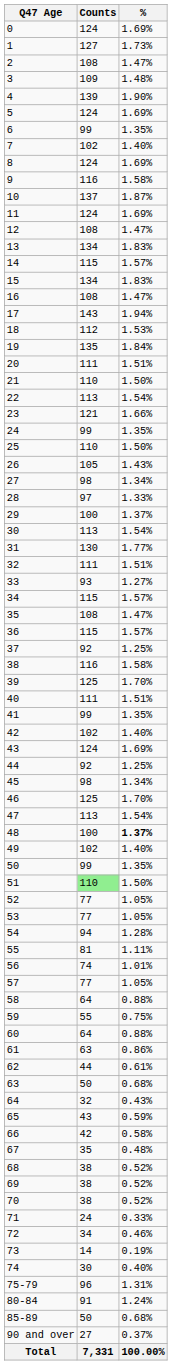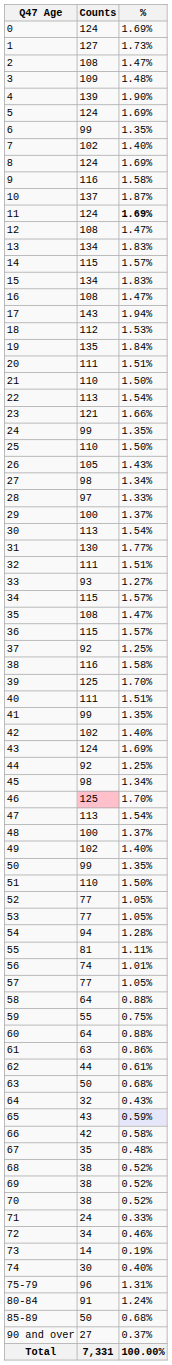 <table class="wikitable sortable">
 <tr>
 <th>Q47 Age</th>
 <th>Counts</th>
 <th>%</th>
 </tr>
 <tr>
 <td>0</td>
 <td>124</td>
 <td>1.69%</td>
 </tr>
 <tr>
 <td>1</td>
 <td>127</td>
 <td>1.73%</td>
 </tr>
 <tr>
 <td>2</td>
 <td>108</td>
 <td>1.47%</td>
 </tr>
 <tr>
 <td>3</td>
 <td>109</td>
 <td>1.48%</td>
 </tr>
 <tr>
 <td>4</td>
 <td>139</td>
 <td>1.90%</td>
 </tr>
 <tr>
 <td>5</td>
 <td>124</td>
 <td>1.69%</td>
 </tr>
 <tr>
 <td>6</td>
 <td>99</td>
 <td>1.35%</td>
 </tr>
 <tr>
 <td>7</td>
 <td>102</td>
 <td>1.40%</td>
 </tr>
 <tr>
 <td>8</td>
 <td>124</td>
 <td>1.69%</td>
 </tr>
 <tr>
 <td>9</td>
 <td>116</td>
 <td>1.58%</td>
 </tr>
 <tr>
 <td>10</td>
 <td>137</td>
 <td>1.87%</td>
 </tr>
 <tr>
 <td>11</td>
 <td>124</td>
-<td>1.69%</td>
+<td><strong>1.69%</strong></td>
 </tr>
 <tr>
 <td>12</td>
 <td>108</td>
 <td>1.47%</td>
 </tr>
 <tr>
 <td>13</td>
 <td>134</td>
 <td>1.83%</td>
 </tr>
 <tr>
 <td>14</td>
 <td>115</td>
 <td>1.57%</td>
 </tr>
 <tr>
 <td>15</td>
 <td>134</td>
 <td>1.83%</td>
 </tr>
 <tr>
 <td>16</td>
 <td>108</td>
 <td>1.47%</td>
 </tr>
 <tr>
 <td>17</td>
 <td>143</td>
 <td>1.94%</td>
 </tr>
 <tr>
 <td>18</td>
 <td>112</td>
 <td>1.53%</td>
 </tr>
 <tr>
 <td>19</td>
 <td>135</td>
 <td>1.84%</td>
 </tr>
 <tr>
 <td>20</td>
 <td>111</td>
 <td>1.51%</td>
 </tr>
 <tr>
 <td>21</td>
 <td>110</td>
 <td>1.50%</td>
 </tr>
 <tr>
 <td>22</td>
 <td>113</td>
 <td>1.54%</td>
 </tr>
 <tr>
 <td>23</td>
 <td>121</td>
 <td>1.66%</td>
 </tr>
 <tr>
 <td>24</td>
 <td>99</td>
 <td>1.35%</td>
 </tr>
 <tr>
 <td>25</td>
 <td>110</td>
 <td>1.50%</td>
 </tr>
 <tr>
 <td>26</td>
 <td>105</td>
 <td>1.43%</td>
 </tr>
 <tr>
 <td>27</td>
 <td>98</td>
 <td>1.34%</td>
 </tr>
 <tr>
 <td>28</td>
 <td>97</td>
 <td>1.33%</td>
 </tr>
 <tr>
 <td>29</td>
 <td>100</td>
 <td>1.37%</td>
 </tr>
 <tr>
 <td>30</td>
 <td>113</td>
 <td>1.54%</td>
 </tr>
 <tr>
 <td>31</td>
 <td>130</td>
 <td>1.77%</td>
 </tr>
 <tr>
 <td>32</td>
 <td>111</td>
 <td>1.51%</td>
 </tr>
 <tr>
 <td>33</td>
 <td>93</td>
 <td>1.27%</td>
 </tr>
 <tr>
 <td>34</td>
 <td>115</td>
 <td>1.57%</td>
 </tr>
 <tr>
 <td>35</td>
 <td>108</td>
 <td>1.47%</td>
 </tr>
 <tr>
 <td>36</td>
 <td>115</td>
 <td>1.57%</td>
 </tr>
 <tr>
 <td>37</td>
 <td>92</td>
 <td>1.25%</td>
 </tr>
 <tr>
 <td>38</td>
 <td>116</td>
 <td>1.58%</td>
 </tr>
 <tr>
 <td>39</td>
 <td>125</td>
 <td>1.70%</td>
 </tr>
 <tr>
 <td>40</td>
 <td>111</td>
 <td>1.51%</td>
 </tr>
 <tr>
 <td>41</td>
 <td>99</td>
 <td>1.35%</td>
 </tr>
 <tr>
 <td>42</td>
 <td>102</td>
 <td>1.40%</td>
 </tr>
 <tr>
 <td>43</td>
 <td>124</td>
 <td>1.69%</td>
 </tr>
 <tr>
 <td>44</td>
 <td>92</td>
 <td>1.25%</td>
 </tr>
 <tr>
 <td>45</td>
 <td>98</td>
 <td>1.34%</td>
 </tr>
 <tr>
 <td>46</td>
-<td>125</td>
+<td style="background: pink;">125</td>
 <td>1.70%</td>
 </tr>
 <tr>
 <td>47</td>
 <td>113</td>
 <td>1.54%</td>
 </tr>
 <tr>
 <td>48</td>
 <td>100</td>
-<td><strong>1.37%</strong></td>
+<td>1.37%</td>
 </tr>
 <tr>
 <td>49</td>
 <td>102</td>
 <td>1.40%</td>
 </tr>
 <tr>
 <td>50</td>
 <td>99</td>
 <td>1.35%</td>
 </tr>
 <tr>
 <td>51</td>
-<td style="background: lightgreen;">110</td>
+<td>110</td>
 <td>1.50%</td>
 </tr>
 <tr>
 <td>52</td>
 <td>77</td>
 <td>1.05%</td>
 </tr>
 <tr>
 <td>53</td>
 <td>77</td>
 <td>1.05%</td>
 </tr>
 <tr>
 <td>54</td>
 <td>94</td>
 <td>1.28%</td>
 </tr>
 <tr>
 <td>55</td>
 <td>81</td>
 <td>1.11%</td>
 </tr>
 <tr>
 <td>56</td>
 <td>74</td>
 <td>1.01%</td>
 </tr>
 <tr>
 <td>57</td>
 <td>77</td>
 <td>1.05%</td>
 </tr>
 <tr>
 <td>58</td>
 <td>64</td>
 <td>0.88%</td>
 </tr>
 <tr>
 <td>59</td>
 <td>55</td>
 <td>0.75%</td>
 </tr>
 <tr>
 <td>60</td>
 <td>64</td>
 <td>0.88%</td>
 </tr>
 <tr>
 <td>61</td>
 <td>63</td>
 <td>0.86%</td>
 </tr>
 <tr>
 <td>62</td>
 <td>44</td>
 <td>0.61%</td>
 </tr>
 <tr>
 <td>63</td>
 <td>50</td>
 <td>0.68%</td>
 </tr>
 <tr>
 <td>64</td>
 <td>32</td>
 <td>0.43%</td>
 </tr>
 <tr>
 <td>65</td>
 <td>43</td>
-<td>0.59%</td>
+<td style="background: lavender;">0.59%</td>
 </tr>
 <tr>
 <td>66</td>
 <td>42</td>
 <td>0.58%</td>
 </tr>
 <tr>
 <td>67</td>
 <td>35</td>
 <td>0.48%</td>
 </tr>
 <tr>
 <td>68</td>
 <td>38</td>
 <td>0.52%</td>
 </tr>
 <tr>
 <td>69</td>
 <td>38</td>
 <td>0.52%</td>
 </tr>
 <tr>
 <td>70</td>
 <td>38</td>
 <td>0.52%</td>
 </tr>
 <tr>
 <td>71</td>
 <td>24</td>
 <td>0.33%</td>
 </tr>
 <tr>
 <td>72</td>
 <td>34</td>
 <td>0.46%</td>
 </tr>
 <tr>
 <td>73</td>
 <td>14</td>
 <td>0.19%</td>
 </tr>
 <tr>
 <td>74</td>
 <td>30</td>
 <td>0.40%</td>
 </tr>
 <tr>
 <td>75-79</td>
 <td>96</td>
 <td>1.31%</td>
 </tr>
 <tr>
 <td>80-84</td>
 <td>91</td>
 <td>1.24%</td>
 </tr>
 <tr>
 <td>85-89</td>
 <td>50</td>
 <td>0.68%</td>
 </tr>
 <tr>
 <td>90 and over</td>
 <td>27</td>
 <td>0.37%</td>
 </tr>
 <tr>
 <th>Total</th>
 <th>7,331</th>
 <th>100.00%</th>
 </tr>
 </table>
